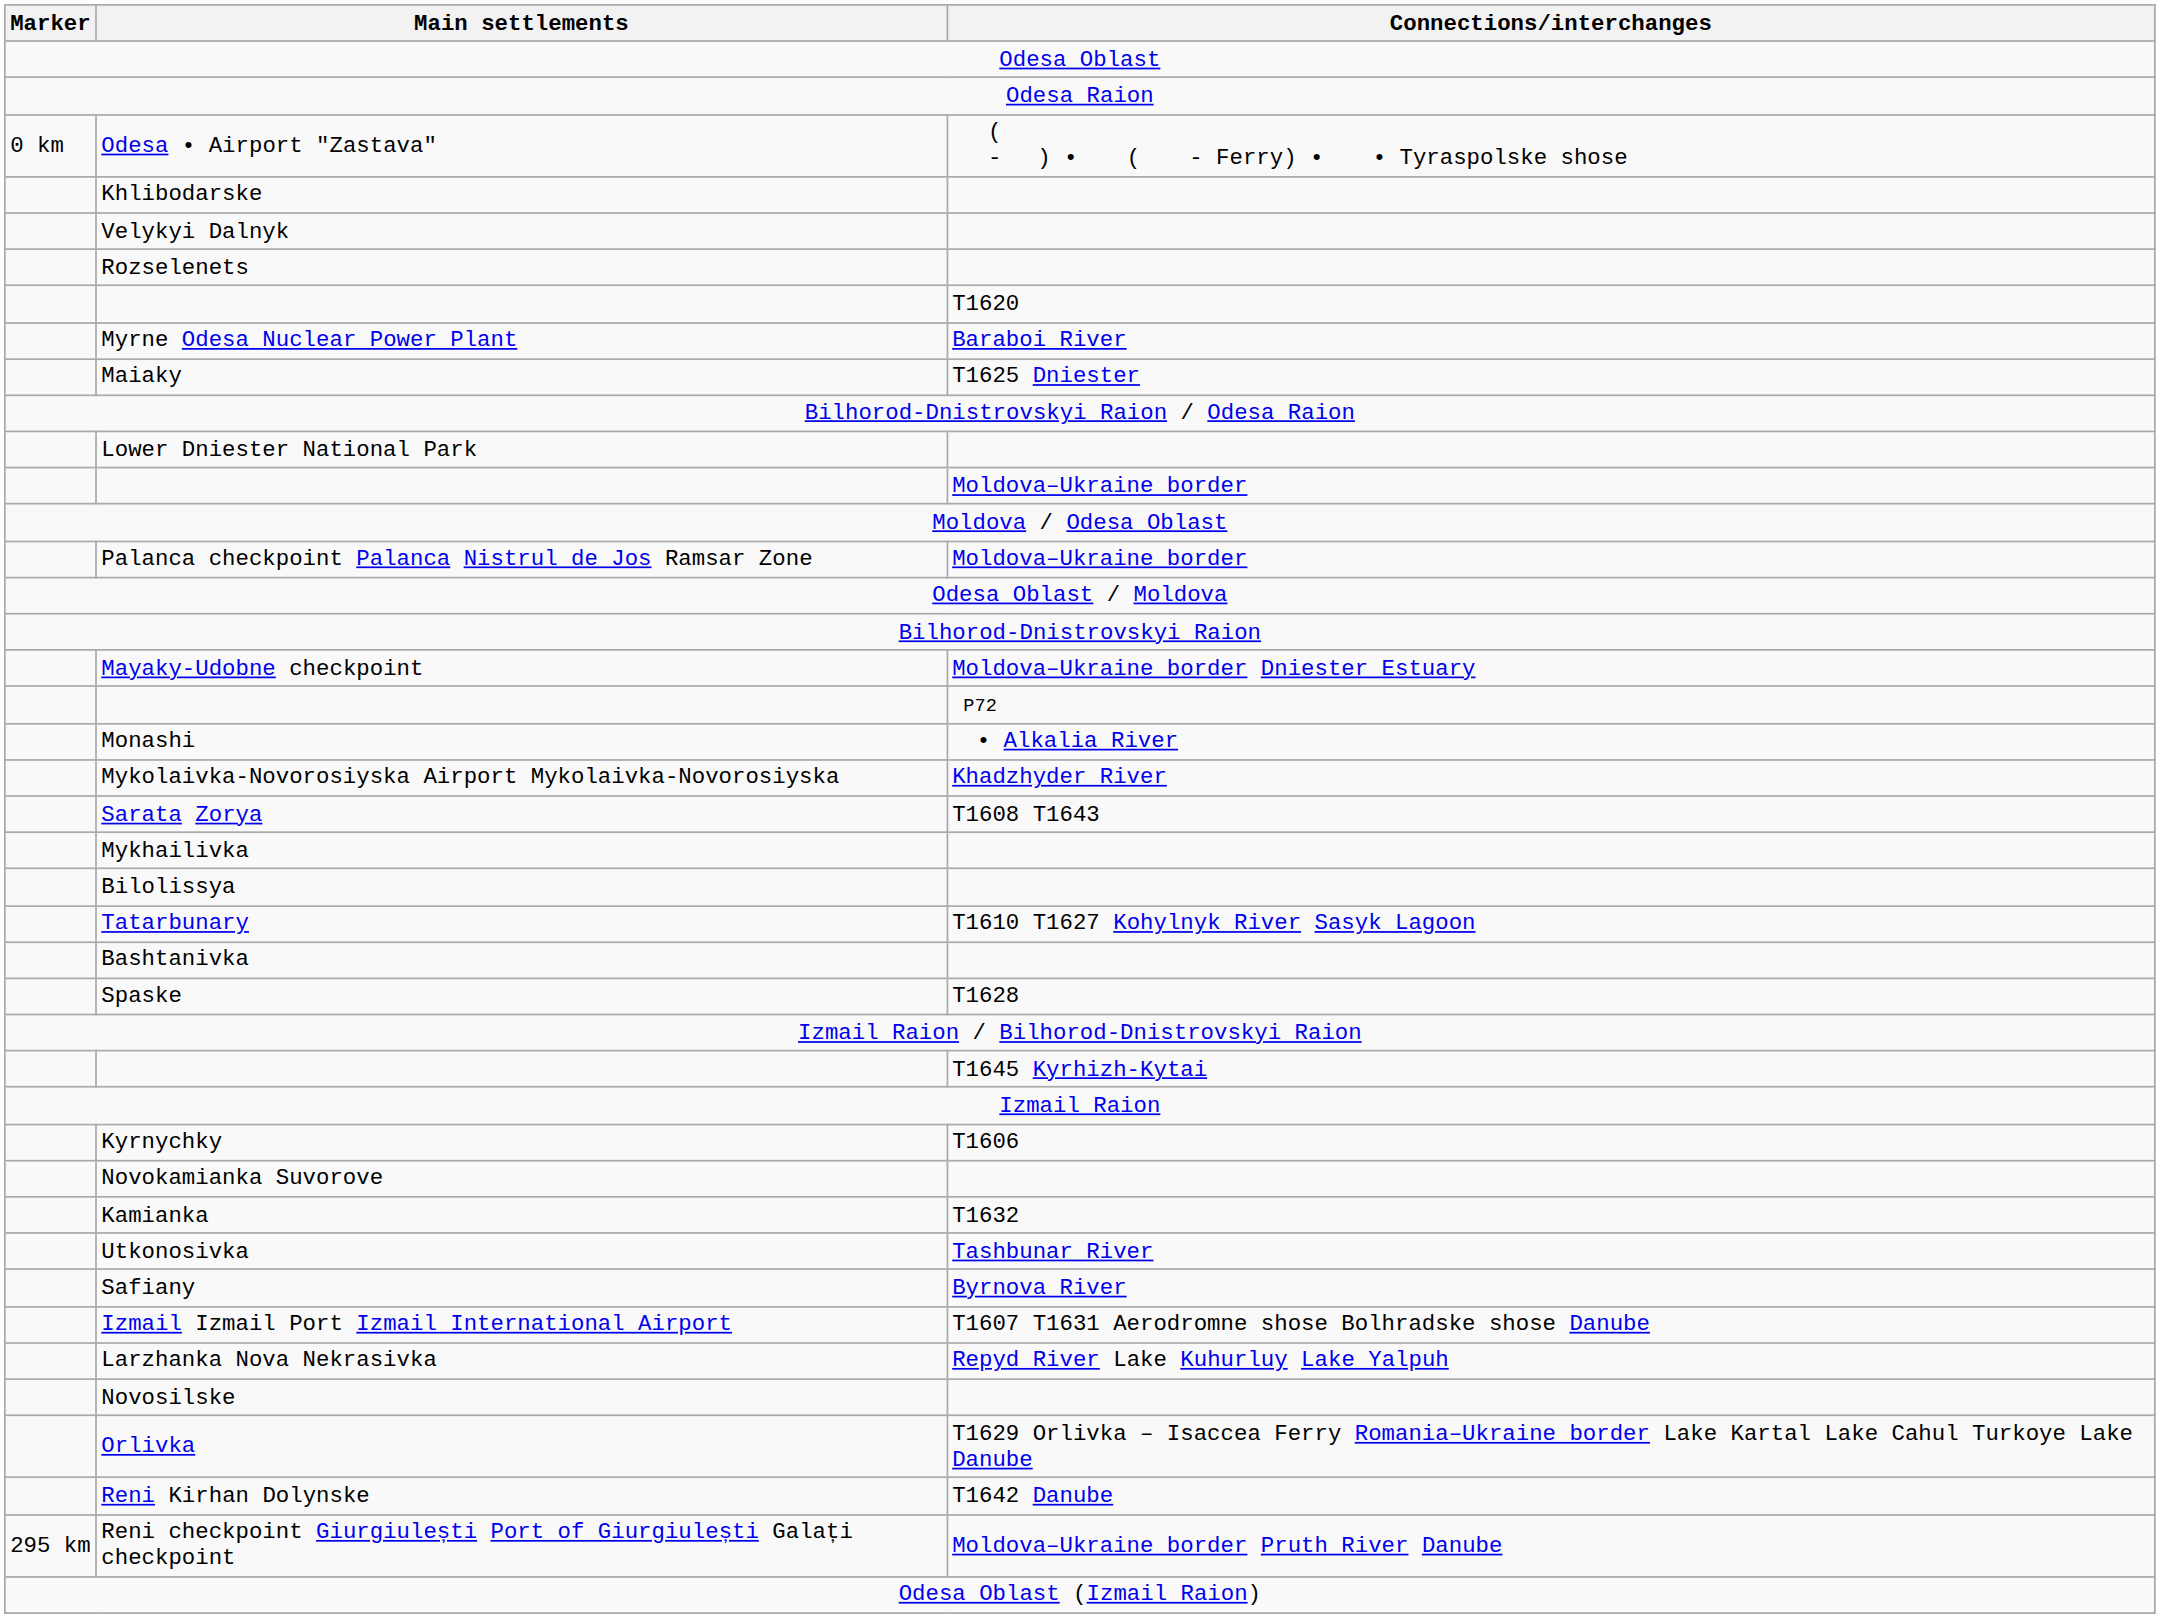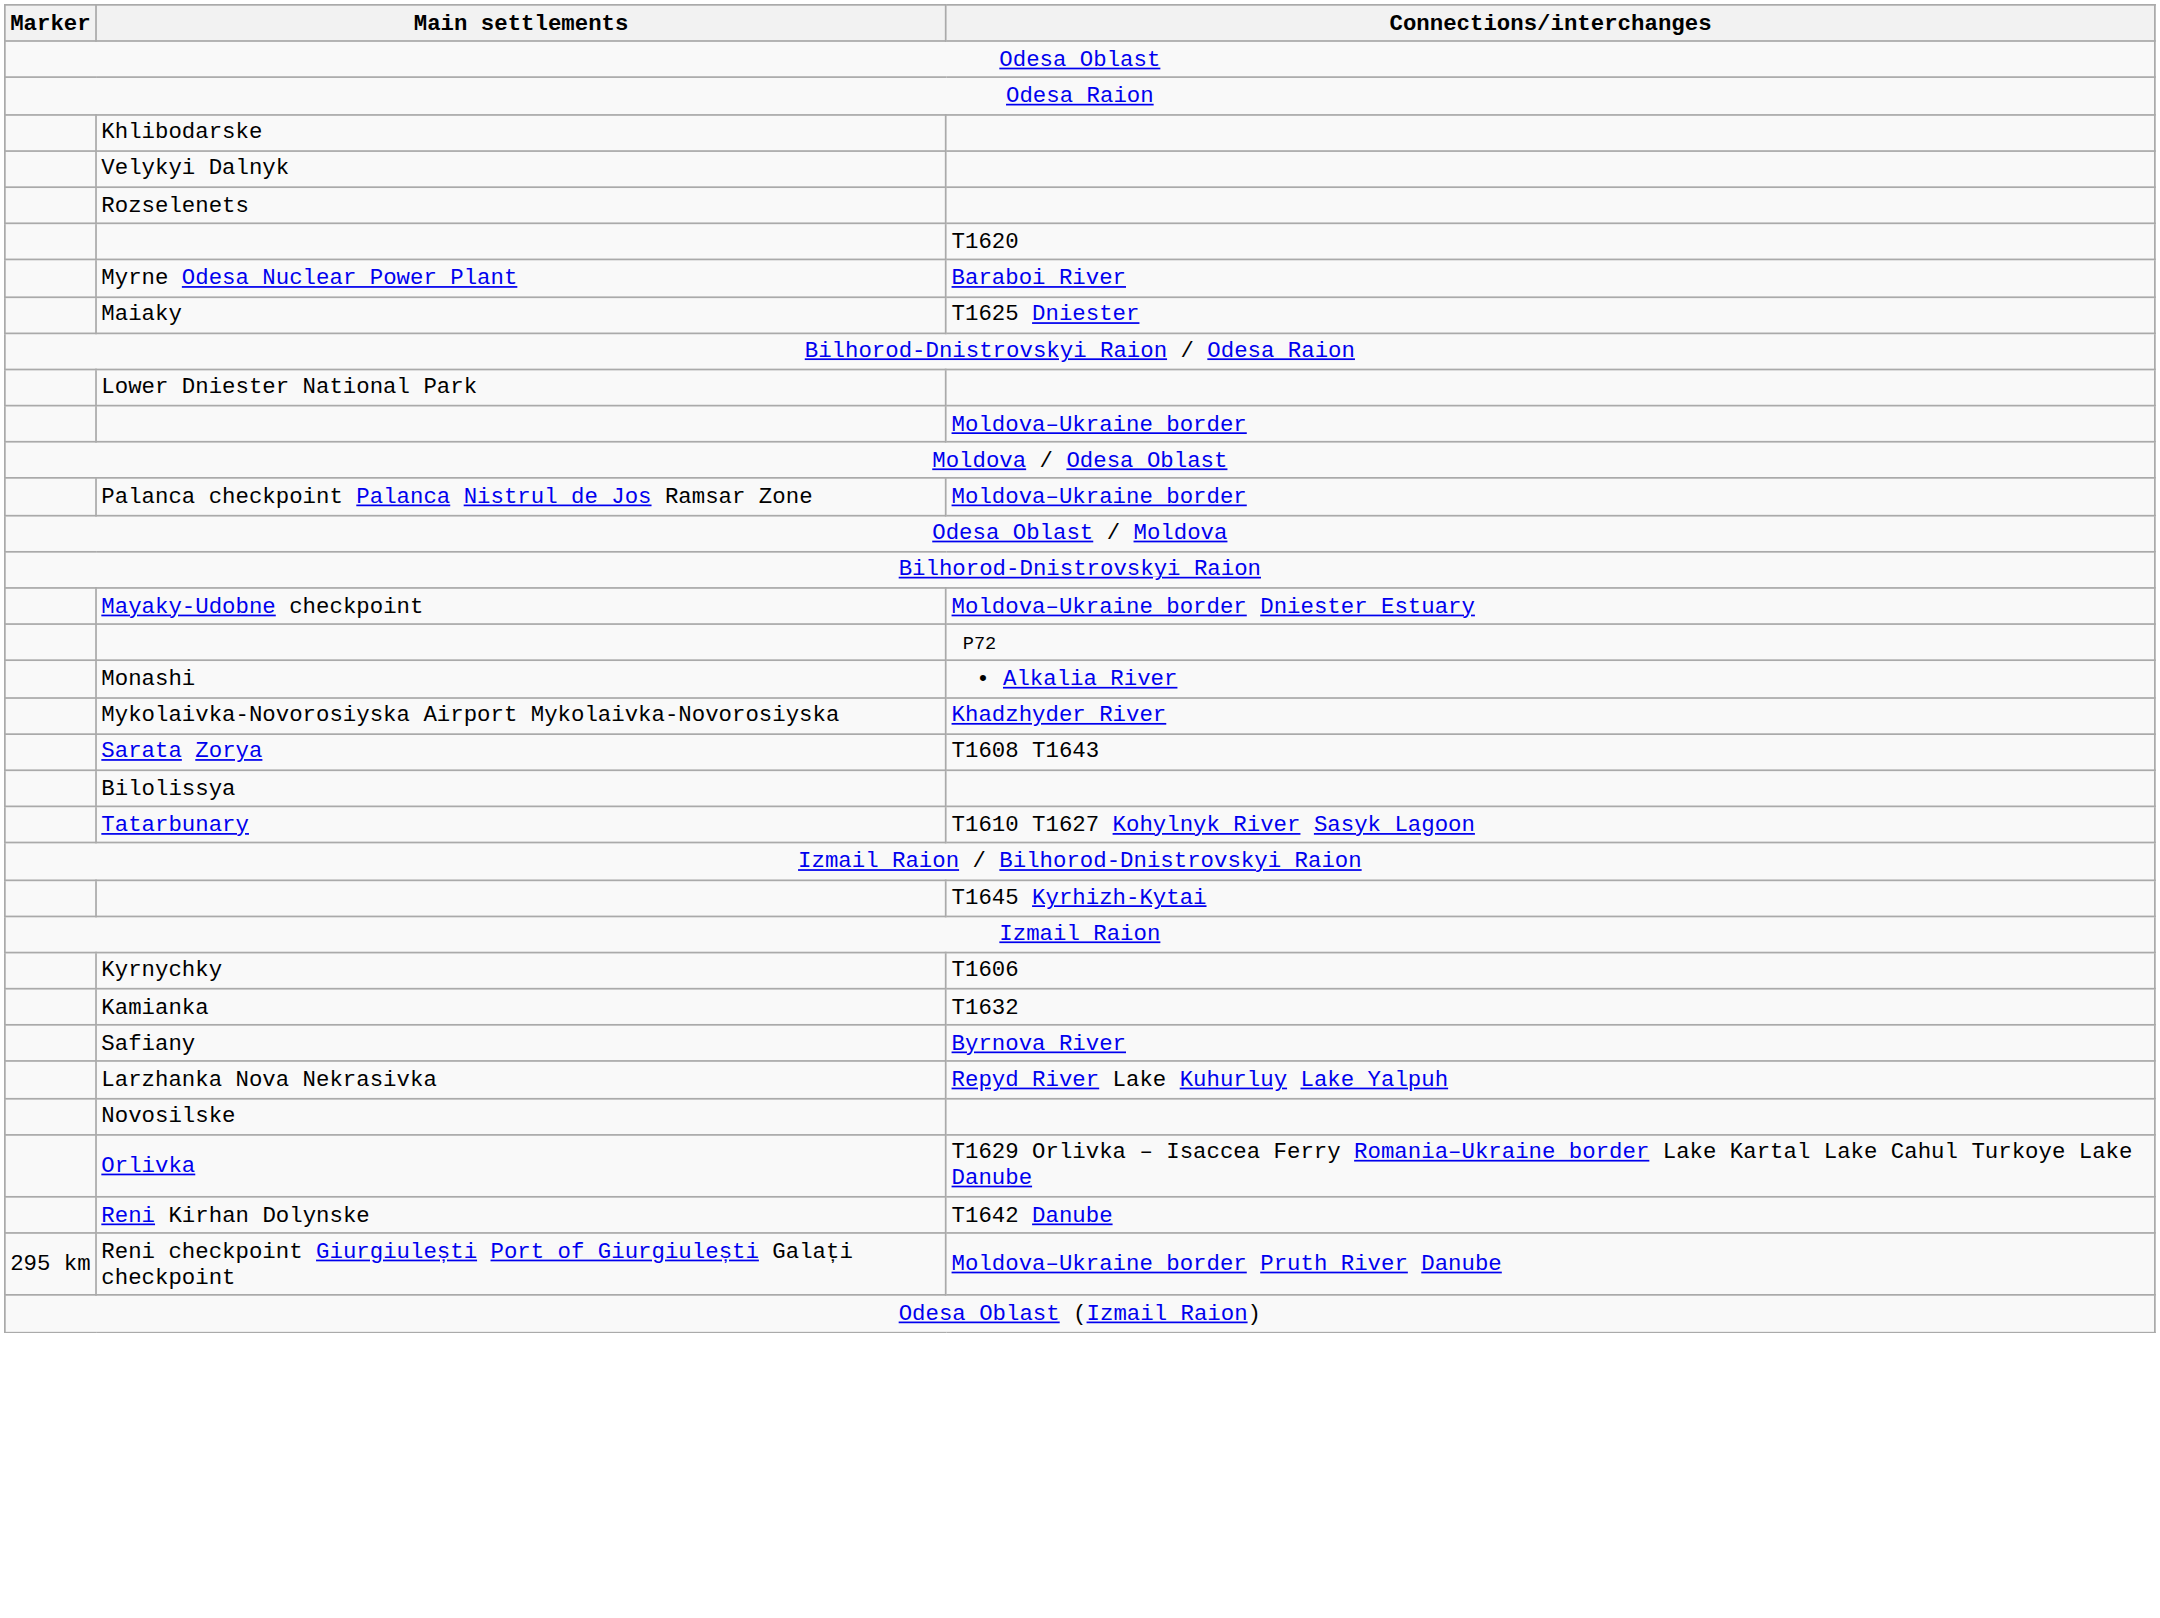 <table class="wikitable">
 <tr>
 <th>Marker</th>
 <th>Main settlements</th>
 <th>Connections/interchanges</th>
 </tr>
 <tr>
 <td colspan=3 align=center> <a href='#'>Odesa Oblast</a></td>
 </tr>
 <tr>
 <td colspan=3 align=center><a href='#'>Odesa Raion</a></td>
-</tr>
-<tr>
-<td>0 km</td>
-<td><a href='#'>Odesa</a> • Airport "Zastava"</td>
-<td><small> <a href='#'></a> </small> (<br><small> <a href='#'></a> </small> -  <small> <a href='#'></a> </small>) •  <small> <a href='#'></a> </small> ( <small> <a href='#'></a> </small> - Ferry) •  <small> <a href='#'></a> </small> • Tyraspolske shose</td>
 </tr>
 <tr>
 <td></td>
 <td>Khlibodarske</td>
 <td></td>
 </tr>
 <tr>
 <td></td>
 <td>Velykyi Dalnyk</td>
 <td></td>
 </tr>
 <tr>
 <td></td>
 <td>Rozselenets</td>
 <td></td>
 </tr>
 <tr>
 <td></td>
 <td></td>
 <td>T1620</td>
 </tr>
 <tr>
 <td></td>
 <td>Myrne  <a href='#'>Odesa Nuclear Power Plant</a></td>
 <td><a href='#'>Baraboi River</a></td>
 </tr>
 <tr>
 <td></td>
 <td>Maiaky</td>
 <td>T1625  <a href='#'>Dniester</a></td>
 </tr>
 <tr>
 <td colspan=3 align=center><a href='#'>Bilhorod-Dnistrovskyi Raion</a> / <a href='#'>Odesa Raion</a></td>
 </tr>
 <tr>
 <td></td>
 <td>Lower Dniester National Park</td>
 <td></td>
 </tr>
 <tr>
 <td></td>
 <td></td>
 <td><a href='#'>Moldova–Ukraine border</a></td>
 </tr>
 <tr>
 <td colspan=3 align=center> <a href='#'>Moldova</a> /  <a href='#'>Odesa Oblast</a></td>
 </tr>
 <tr>
 <td></td>
 <td>Palanca checkpoint  <a href='#'>Palanca</a>  <a href='#'>Nistrul de Jos</a> Ramsar Zone</td>
 <td><a href='#'>Moldova–Ukraine border</a>  </td>
 </tr>
 <tr>
 <td colspan=3 align=center> <a href='#'>Odesa Oblast</a> /  <a href='#'>Moldova</a></td>
 </tr>
 <tr>
 <td colspan=3 align=center><a href='#'>Bilhorod-Dnistrovskyi Raion</a></td>
 </tr>
 <tr>
 <td></td>
 <td><a href='#'>Mayaky-Udobne</a> checkpoint</td>
 <td><a href='#'>Moldova–Ukraine border</a>  <a href='#'>Dniester Estuary</a></td>
 </tr>
 <tr>
 <td></td>
 <td></td>
 <td><small> P72 </small></td>
 </tr>
 <tr>
 <td></td>
 <td>Monashi</td>
 <td><small> <a href='#'></a></small> • <a href='#'>Alkalia River</a></td>
 </tr>
 <tr>
 <td></td>
 <td>Mykolaivka-Novorosiyska  Airport Mykolaivka-Novorosiyska</td>
 <td><a href='#'>Khadzhyder River</a></td>
 </tr>
 <tr>
 <td></td>
 <td><a href='#'>Sarata</a>  <a href='#'>Zorya</a></td>
 <td>T1608  T1643</td>
 </tr>
 <tr>
 <td></td>
-<td>Mykhailivka</td>
-<td></td>
-</tr>
-<tr>
-<td></td>
 <td>Bilolissya</td>
 <td></td>
 </tr>
 <tr>
 <td></td>
 <td><a href='#'>Tatarbunary</a></td>
 <td>T1610  T1627  <a href='#'>Kohylnyk River</a>  <a href='#'>Sasyk Lagoon</a></td>
-</tr>
-<tr>
-<td></td>
-<td>Bashtanivka</td>
-<td></td>
-</tr>
-<tr>
-<td></td>
-<td>Spaske</td>
-<td>T1628</td>
 </tr>
 <tr>
 <td colspan=3 align=center><a href='#'>Izmail Raion</a> / <a href='#'>Bilhorod-Dnistrovskyi Raion</a></td>
 </tr>
 <tr>
 <td></td>
 <td></td>
 <td>T1645  <a href='#'>Kyrhizh-Kytai</a></td>
 </tr>
 <tr>
 <td colspan=3 align=center><a href='#'>Izmail Raion</a></td>
 </tr>
 <tr>
 <td></td>
 <td>Kyrnychky</td>
 <td>T1606</td>
 </tr>
 <tr>
 <td></td>
-<td>Novokamianka  Suvorove</td>
-<td></td>
-</tr>
-<tr>
-<td></td>
 <td>Kamianka</td>
 <td>T1632</td>
 </tr>
 <tr>
 <td></td>
-<td>Utkonosivka</td>
-<td><a href='#'>Tashbunar River</a></td>
-</tr>
-<tr>
-<td></td>
 <td>Safiany</td>
 <td><a href='#'>Byrnova River</a></td>
-</tr>
-<tr>
-<td></td>
-<td><a href='#'>Izmail</a>  Izmail Port  <a href='#'>Izmail International Airport</a></td>
-<td>T1607  T1631  Aerodromne shose  Bolhradske shose  <a href='#'>Danube</a></td>
 </tr>
 <tr>
 <td></td>
 <td>Larzhanka  Nova Nekrasivka</td>
 <td><a href='#'>Repyd River</a>  Lake <a href='#'>Kuhurluy</a>  <a href='#'>Lake Yalpuh</a></td>
 </tr>
 <tr>
 <td></td>
 <td>Novosilske</td>
 <td></td>
 </tr>
 <tr>
 <td></td>
 <td><a href='#'>Orlivka</a></td>
 <td>T1629  Orlivka – Isaccea Ferry  <a href='#'>Romania–Ukraine border</a>  Lake Kartal  Lake Cahul  Turkoye Lake  <a href='#'>Danube</a></td>
 </tr>
 <tr>
 <td></td>
 <td><a href='#'>Reni</a>  Kirhan  Dolynske</td>
 <td>T1642  <a href='#'>Danube</a></td>
 </tr>
 <tr>
 <td>295 km</td>
 <td>Reni checkpoint  <a href='#'>Giurgiulești</a>  <a href='#'>Port of Giurgiulești</a>  Galați checkpoint</td>
 <td><a href='#'>Moldova–Ukraine border</a>        <a href='#'>Pruth River</a>  <a href='#'>Danube</a></td>
 </tr>
 <tr>
 <td colspan=3 align=center> <a href='#'>Odesa Oblast</a> (<a href='#'>Izmail Raion</a>)</td>
 </tr>
 </table>
